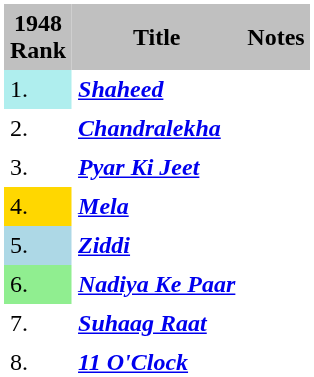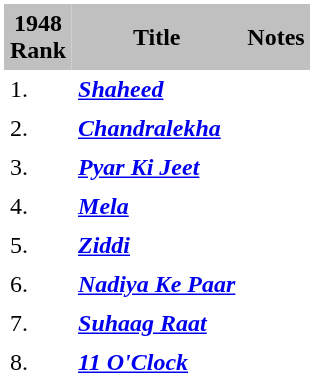 <table cellspacing="0" cellpadding="4" border="0">
 <tr bgcolor="silver" align="center">
 <td rowspan="1"><strong>1948</strong><br><strong>Rank</strong></td>
 <td rowspan="1"><strong>Title</strong></td>
 <td rowspan="1"><strong>Notes</strong></td>
 </tr>
 <tr>
-<td style="background: paleturquoise;">1.</td>
+<td>1.</td>
 <td><strong><em><a href='#'>Shaheed</a></em></strong></td>
 <td></td>
 </tr>
 <tr>
 <td>2.</td>
 <td><strong><em><a href='#'>Chandralekha</a></em></strong></td>
 <td></td>
 </tr>
 <tr>
 <td>3.</td>
 <td><strong><em><a href='#'>Pyar Ki Jeet</a></em></strong></td>
 <td></td>
 </tr>
 <tr>
-<td style="background: gold;">4.</td>
+<td>4.</td>
 <td><strong><em><a href='#'>Mela</a></em></strong></td>
 <td></td>
 </tr>
 <tr>
-<td style="background: lightblue;">5.</td>
+<td>5.</td>
 <td><strong><em><a href='#'>Ziddi</a></em></strong></td>
 <td></td>
 </tr>
 <tr>
-<td style="background: lightgreen;">6.</td>
+<td>6.</td>
 <td><strong><em><a href='#'>Nadiya Ke Paar</a></em></strong></td>
 <td></td>
 </tr>
 <tr>
 <td>7.</td>
 <td><strong><em><a href='#'>Suhaag Raat</a></em></strong></td>
 <td></td>
 </tr>
 <tr>
 <td>8.</td>
 <td><strong><em><a href='#'>11 O'Clock</a></em></strong></td>
 <td></td>
 </tr>
 <tr>
 </tr>
 </table>
